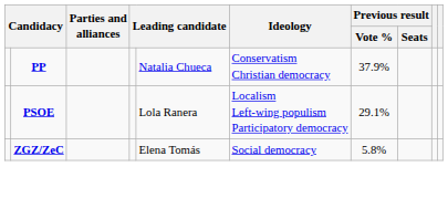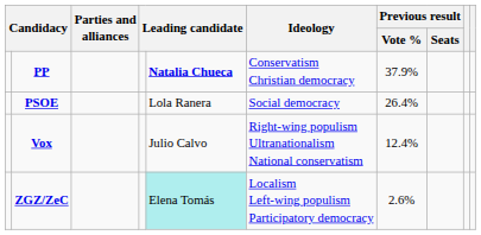 <table class="wikitable" style="line-height:1.35em; text-align:left;">
 <tr>
 <th colspan="2" rowspan="2">Candidacy</th>
 <th rowspan="2">Parties and<br>alliances</th>
 <th colspan="2" rowspan="2">Leading candidate</th>
 <th rowspan="2">Ideology</th>
 <th colspan="2">Previous result</th>
 <th rowspan="2"></th>
 <th rowspan="2"></th>
 </tr>
 <tr>
 <th>Vote %</th>
 <th>Seats</th>
 </tr>
 <tr>
 <td width="1" style="color:inherit;background:"></td>
 <td align="center"><strong><a href='#'>PP</a></strong></td>
 <td></td>
 <td></td>
-<td><a href='#'>Natalia Chueca</a></td>
+<td><strong><a href='#'>Natalia Chueca</a></strong></td>
 <td><a href='#'>Conservatism</a><br><a href='#'>Christian democracy</a></td>
 <td align="center">37.9%</td>
 <td></td>
 <td></td>
 <td></td>
 </tr>
 <tr>
 <td style="color:inherit;background:"></td>
 <td align="center"><strong><a href='#'>PSOE</a></strong></td>
 <td></td>
 <td></td>
 <td>Lola Ranera</td>
-<td><a href='#'>Localism</a><br><a href='#'>Left-wing populism</a><br><a href='#'>Participatory democracy</a></td>
-<td align="center">29.1%</td>
+<td><a href='#'>Social democracy</a></td>
+<td align="center">26.4%</td>
+<td></td>
+<td></td>
+<td></td>
+</tr>
+<tr>
+<td style="color:inherit;background:"></td>
+<td align="center"><strong><a href='#'>Vox</a></strong></td>
+<td></td>
+<td></td>
+<td>Julio Calvo</td>
+<td><a href='#'>Right-wing populism</a><br><a href='#'>Ultranationalism</a><br><a href='#'>National conservatism</a></td>
+<td align="center">12.4%</td>
 <td></td>
 <td></td>
 <td></td>
 </tr>
 <tr>
 <td style="color:inherit;background:"></td>
 <td align="center"><strong><a href='#'>ZGZ/ZeC</a></strong></td>
 <td></td>
 <td></td>
-<td>Elena Tomás</td>
-<td><a href='#'>Social democracy</a></td>
-<td align="center">5.8%</td>
+<td style="background: paleturquoise;">Elena Tomás</td>
+<td><a href='#'>Localism</a><br><a href='#'>Left-wing populism</a><br><a href='#'>Participatory democracy</a></td>
+<td align="center">2.6%</td>
 <td></td>
 <td></td>
 <td></td>
 </tr>
 </table>
